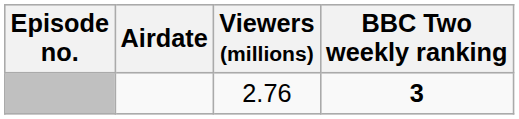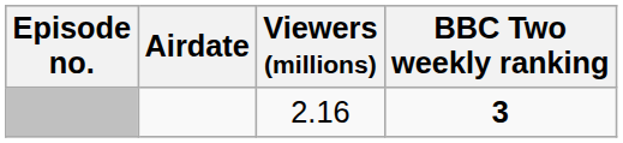 <table class="wikitable" style="text-align:center;">
 <tr>
 <th scope="col">Episode<br>no.</th>
 <th scope="col">Airdate</th>
 <th scope="col">Viewers<br><small>(millions)</small></th>
 <th scope="col">BBC Two<br>weekly ranking</th>
 </tr>
 <tr>
 <th scope="row" style="background:silver;"></th>
 <td></td>
-<td>2.76</td>
+<td>2.16</td>
 <td><strong>3</strong></td>
 </tr>
 </table>
